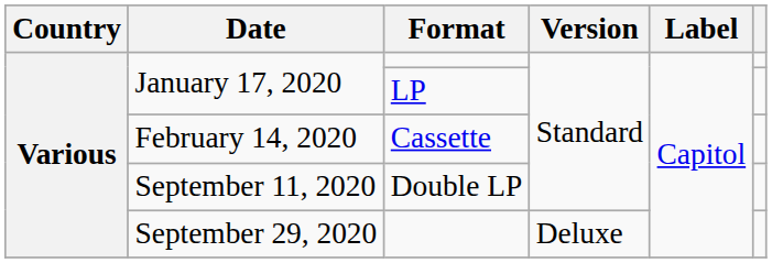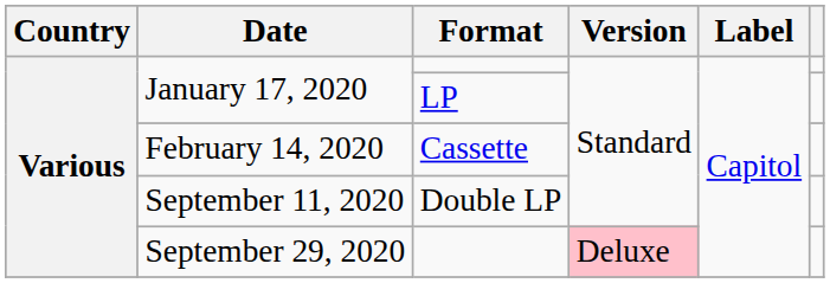 <table class="wikitable plainrowheaders" border="1">
 <tr>
 <th scope="col">Country</th>
 <th scope="col">Date</th>
 <th scope="col">Format</th>
 <th scope="col">Version</th>
 <th scope="col">Label</th>
 <th scope="col"></th>
 </tr>
 <tr>
 <th scope="row" rowspan="5">Various</th>
 <td rowspan="2">January 17, 2020</td>
 <td></td>
 <td rowspan="4">Standard</td>
 <td rowspan="5"><a href='#'>Capitol</a></td>
 <td></td>
 </tr>
 <tr>
 <td><a href='#'>LP</a></td>
 <td></td>
 </tr>
 <tr>
 <td>February 14, 2020</td>
 <td><a href='#'>Cassette</a></td>
 <td></td>
 </tr>
 <tr>
 <td>September 11, 2020</td>
 <td>Double LP</td>
 <td></td>
 </tr>
 <tr>
 <td>September 29, 2020</td>
 <td></td>
-<td>Deluxe</td>
+<td style="background: pink;">Deluxe</td>
 <td></td>
 </tr>
 </table>
